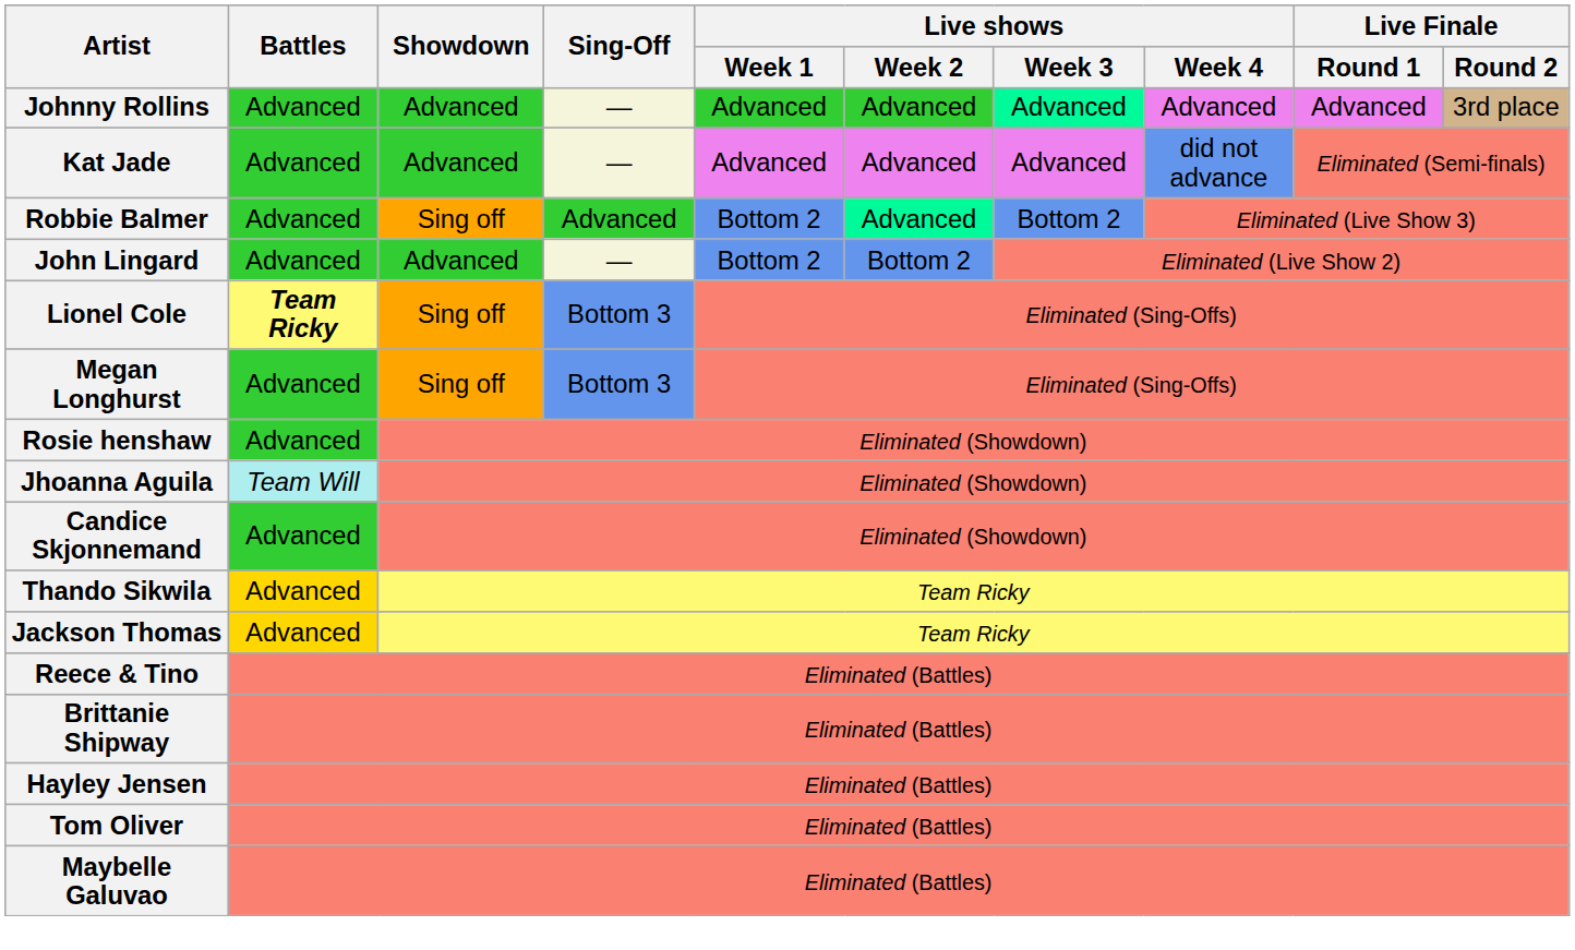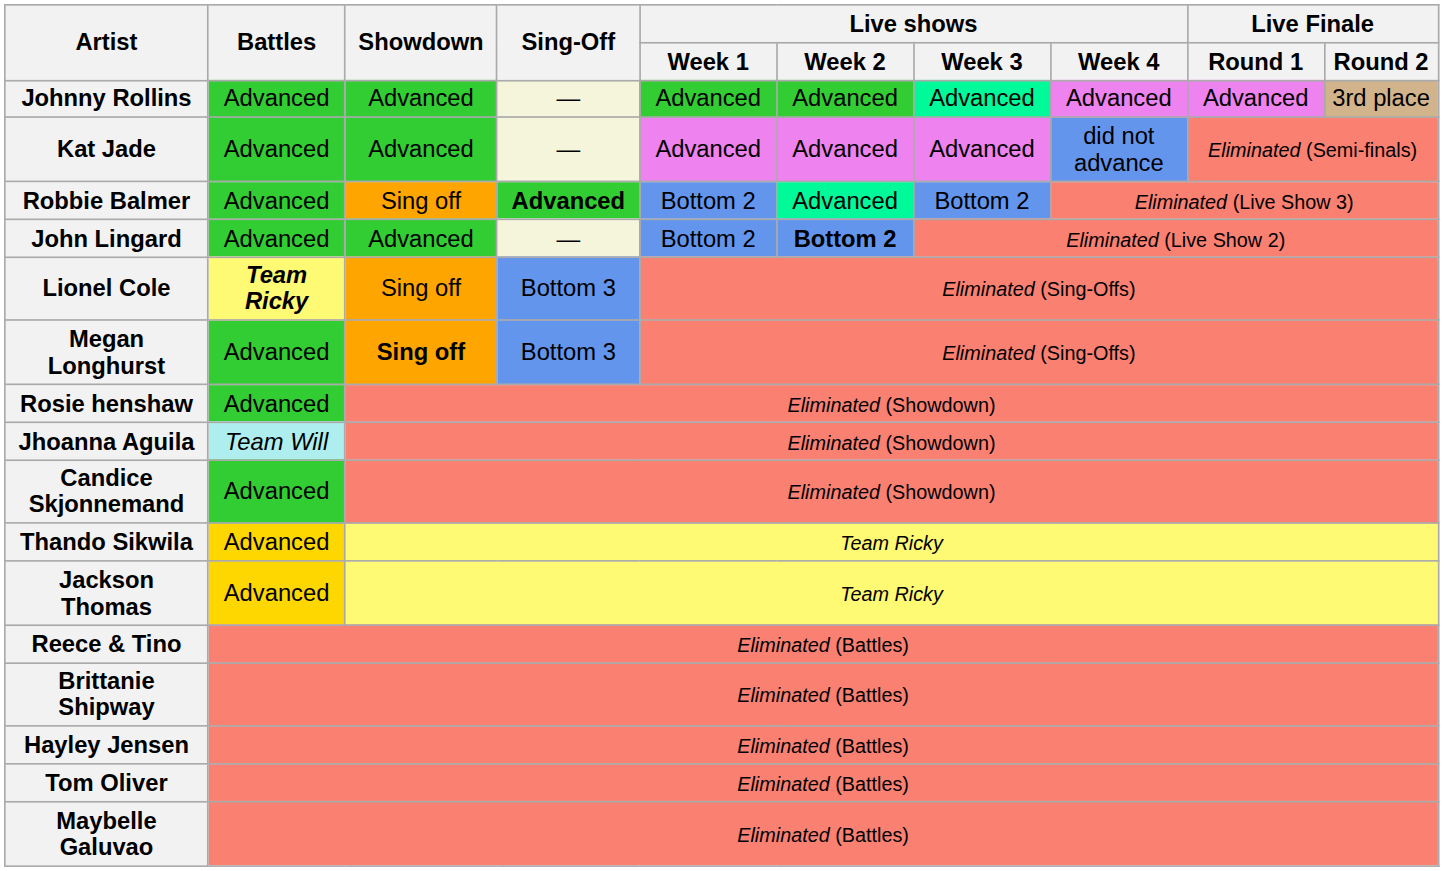 <table class="wikitable plainrowheaders"  style="text-align:center; font-size:90%;">
 <tr>
 <th rowspan="2" style="width:13em;">Artist</th>
 <th rowspan="2" style="width:8em;">Battles</th>
 <th rowspan="2" style="width:8em;">Showdown</th>
 <th rowspan="2" style="width:8em;">Sing-Off</th>
 <th colspan="4" style="width:8em;">Live shows</th>
 <th colspan="2" style="width:8em;">Live Finale</th>
 </tr>
 <tr>
 <th style="width:8em;">Week 1</th>
 <th style="width:8em;">Week 2</th>
 <th style="width:8em;">Week 3</th>
 <th style="width:8em;">Week 4</th>
 <th style="width:8em;">Round 1</th>
 <th style="width:8em;">Round 2</th>
 </tr>
 <tr>
 <th>Johnny Rollins</th>
 <td style="background:limegreen;">Advanced</td>
 <td style="background:limegreen">Advanced</td>
 <td style="background:beige;">—</td>
 <td style="background:limegreen;">Advanced</td>
 <td style="background:limegreen;">Advanced</td>
 <td style="background:#00FA9A">Advanced</td>
 <td style="background:violet">Advanced</td>
 <td style="background:violet">Advanced</td>
 <td style="background:tan">3rd place</td>
 </tr>
 <tr>
 <th>Kat Jade</th>
 <td style="background:limegreen;">Advanced</td>
 <td style="background:limegreen">Advanced</td>
 <td style="background:beige;">—</td>
 <td style="background:violet">Advanced</td>
 <td style="background:violet">Advanced</td>
 <td style="background:violet">Advanced</td>
 <td style="background:cornflowerblue">did not advance</td>
 <td colspan="6" style="background:salmon"><small><em>Eliminated</em> (Semi-finals)</small></td>
 </tr>
 <tr>
 <th>Robbie Balmer</th>
 <td style="background:limegreen;">Advanced</td>
 <td style="background:orange">Sing off</td>
-<td style="background:limegreen">Advanced</td>
+<td style="background:limegreen"><strong>Advanced</strong></td>
 <td style="background:cornflowerblue">Bottom 2</td>
 <td style="background:#00FA9A">Advanced</td>
 <td style="background:cornflowerblue">Bottom 2</td>
 <td colspan="8" style="background:salmon"><small><em>Eliminated</em> (Live Show 3)</small></td>
 </tr>
 <tr>
 <th>John Lingard</th>
 <td style="background:limegreen;">Advanced</td>
 <td style="background:limegreen;">Advanced</td>
 <td style="background:beige">—</td>
 <td style="background:cornflowerblue">Bottom 2</td>
-<td style="background:cornflowerblue">Bottom 2</td>
+<td style="background:cornflowerblue"><strong>Bottom 2</strong></td>
 <td colspan="7" style="background:salmon"><small><em>Eliminated</em> (Live Show 2)</small></td>
 </tr>
 <tr>
 <th>Lionel Cole</th>
 <td style="background:#fffa73"><strong><em>Team Ricky</em></strong></td>
 <td style="background:orange;">Sing off</td>
 <td style="background:cornflowerblue">Bottom 3</td>
 <td colspan="7" style="background:salmon"><small><em>Eliminated</em> (Sing-Offs)</small></td>
 </tr>
 <tr>
 <th>Megan Longhurst</th>
 <td style="background:limegreen;">Advanced</td>
-<td style="background:orange;">Sing off</td>
+<td style="background:orange;"><strong>Sing off</strong></td>
 <td style="background:cornflowerblue">Bottom 3</td>
 <td colspan="7" style="background:salmon"><small><em>Eliminated</em> (Sing-Offs)</small></td>
 </tr>
 <tr>
 <th>Rosie henshaw</th>
 <td style="background:limegreen;">Advanced</td>
 <td colspan="8" style="background:salmon"><small><em>Eliminated</em> (Showdown)</small></td>
 </tr>
 <tr>
 <th>Jhoanna Aguila</th>
 <td style="background:#afeeee"><em>Team Will</em></td>
 <td colspan="8" style="background:salmon"><small><em>Eliminated</em> (Showdown)</small></td>
 </tr>
 <tr>
 <th>Candice Skjonnemand</th>
 <td style="background:limegreen;">Advanced</td>
 <td colspan="8" style="background:salmon"><small><em>Eliminated</em> (Showdown)</small></td>
 </tr>
 <tr>
 <th>Thando Sikwila</th>
 <td style="background:gold">Advanced</td>
 <td colspan="8" style="background:#fffa73"><small><em>Team Ricky</em></small></td>
 </tr>
 <tr>
 <th>Jackson Thomas</th>
 <td style="background:gold">Advanced</td>
 <td colspan="8" style="background:#fffa73"><small><em>Team Ricky</em></small></td>
 </tr>
 <tr>
 <th>Reece & Tino</th>
 <td colspan="9" style="background:salmon"><small><em>Eliminated</em> (Battles)</small></td>
 </tr>
 <tr>
 <th>Brittanie Shipway</th>
 <td colspan="9" style="background:salmon"><small><em>Eliminated</em> (Battles)</small></td>
 </tr>
 <tr>
 <th>Hayley Jensen</th>
 <td colspan="9" style="background:salmon"><small><em>Eliminated</em> (Battles)</small></td>
 </tr>
 <tr>
 <th>Tom Oliver</th>
 <td colspan="9" style="background:salmon"><small><em>Eliminated</em> (Battles)</small></td>
 </tr>
 <tr>
 <th>Maybelle Galuvao</th>
 <td colspan="9" style="background:salmon"><small><em>Eliminated</em> (Battles)</small></td>
 </tr>
 </table>
